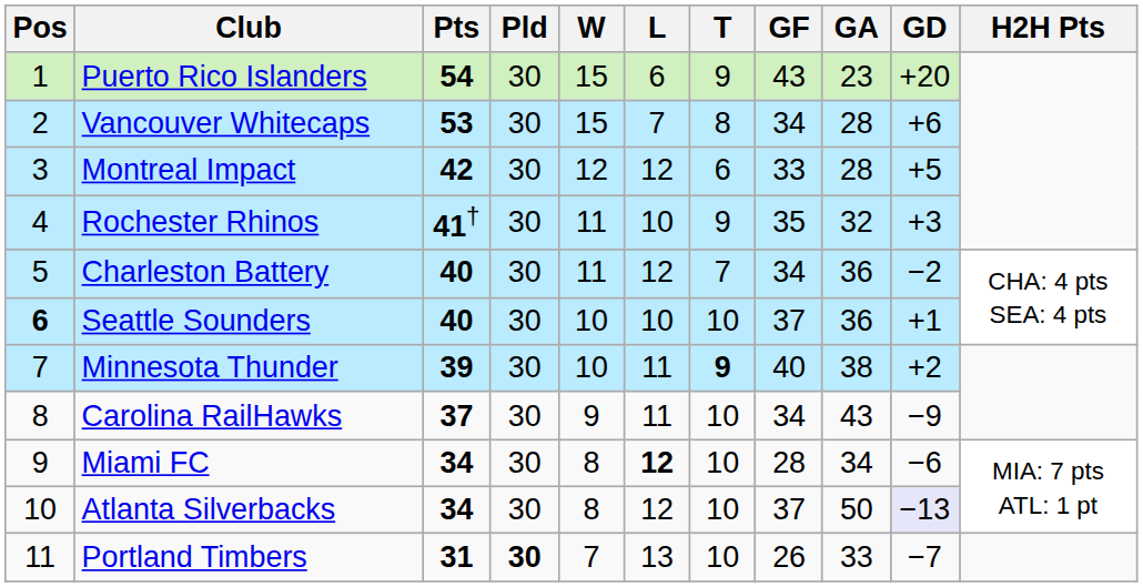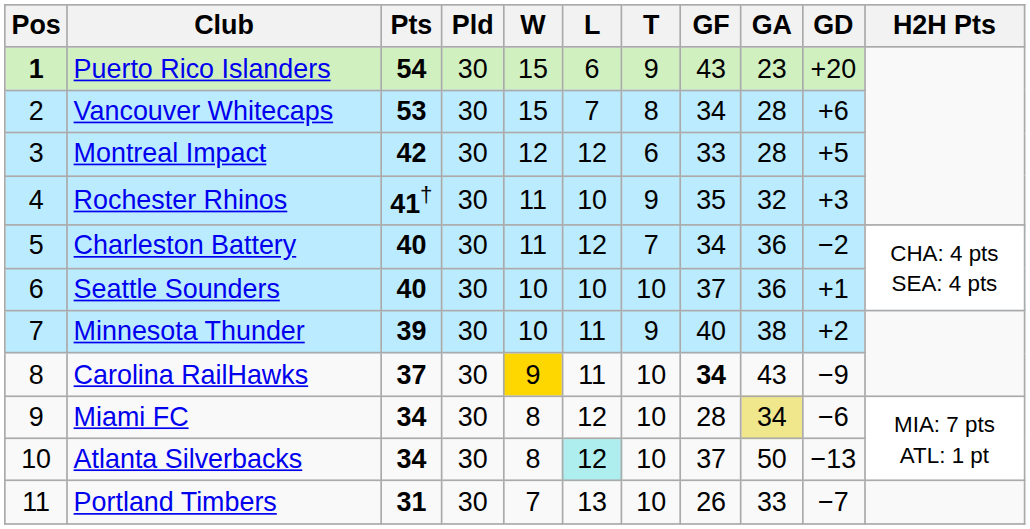 <table class="wikitable" style="text-align:center">
 <tr>
 <th width=30>Pos</th>
 <th width=200>Club</th>
 <th width=30>Pts</th>
 <th width=30>Pld</th>
 <th width=30>W</th>
 <th width=30>L</th>
 <th width=30>T</th>
 <th width=30>GF</th>
 <th width=30>GA</th>
 <th width=30>GD</th>
 <th width=100>H2H Pts</th>
 </tr>
 <tr bgcolor=#D0F0C0>
-<td>1</td>
+<td><strong>1</strong></td>
 <td align=left><a href='#'>Puerto Rico Islanders</a></td>
 <td><strong>54</strong></td>
 <td>30</td>
 <td>15</td>
 <td>6</td>
 <td>9</td>
 <td>43</td>
 <td>23</td>
 <td>+20</td>
 </tr>
 <tr bgcolor=#BBEBFF>
 <td>2</td>
 <td align=left><a href='#'>Vancouver Whitecaps</a></td>
 <td><strong>53</strong></td>
 <td>30</td>
 <td>15</td>
 <td>7</td>
 <td>8</td>
 <td>34</td>
 <td>28</td>
 <td>+6</td>
 </tr>
 <tr bgcolor=#BBEBFF>
 <td>3</td>
 <td align=left><a href='#'>Montreal Impact</a></td>
 <td><strong>42</strong></td>
 <td>30</td>
 <td>12</td>
 <td>12</td>
 <td>6</td>
 <td>33</td>
 <td>28</td>
 <td>+5</td>
 </tr>
 <tr bgcolor=#BBEBFF>
 <td>4</td>
 <td align=left><a href='#'>Rochester Rhinos</a></td>
 <td><strong>41</strong><sup>†</sup></td>
 <td>30</td>
 <td>11</td>
 <td>10</td>
 <td>9</td>
 <td>35</td>
 <td>32</td>
 <td>+3</td>
 </tr>
 <tr bgcolor=#BBEBFF>
 <td>5</td>
 <td align=left><a href='#'>Charleston Battery</a></td>
 <td><strong>40</strong></td>
 <td>30</td>
 <td>11</td>
 <td>12</td>
 <td>7</td>
 <td>34</td>
 <td>36</td>
 <td>−2</td>
 <td rowspan="2" bgcolor="FFFFFF"><small>CHA: 4 pts<br>SEA: 4 pts</small></td>
 </tr>
 <tr bgcolor=#BBEBFF>
-<td><strong>6</strong></td>
+<td>6</td>
 <td align=left><a href='#'>Seattle Sounders</a></td>
 <td><strong>40</strong></td>
 <td>30</td>
 <td>10</td>
 <td>10</td>
 <td>10</td>
 <td>37</td>
 <td>36</td>
 <td>+1</td>
 </tr>
 <tr bgcolor=#BBEBFF>
 <td>7</td>
 <td align=left><a href='#'>Minnesota Thunder</a></td>
 <td><strong>39</strong></td>
 <td>30</td>
 <td>10</td>
 <td>11</td>
-<td><strong>9</strong></td>
+<td>9</td>
 <td>40</td>
 <td>38</td>
 <td>+2</td>
 </tr>
 <tr>
 <td>8</td>
 <td align=left><a href='#'>Carolina RailHawks</a></td>
 <td><strong>37</strong></td>
 <td>30</td>
-<td>9</td>
+<td style="background: gold;">9</td>
 <td>11</td>
 <td>10</td>
-<td>34</td>
+<td><strong>34</strong></td>
 <td>43</td>
 <td>−9</td>
 </tr>
 <tr>
 <td>9</td>
 <td align=left><a href='#'>Miami FC</a></td>
 <td><strong>34</strong></td>
 <td>30</td>
 <td>8</td>
-<td><strong>12</strong></td>
+<td>12</td>
 <td>10</td>
 <td>28</td>
-<td>34</td>
+<td style="background: khaki;">34</td>
 <td>−6</td>
 <td rowspan="2" bgcolor="FFFFFF"><small>MIA: 7 pts<br>ATL: 1 pt</small></td>
 </tr>
 <tr>
 <td>10</td>
 <td align=left><a href='#'>Atlanta Silverbacks</a></td>
 <td><strong>34</strong></td>
 <td>30</td>
 <td>8</td>
-<td>12</td>
+<td style="background: paleturquoise;">12</td>
 <td>10</td>
 <td>37</td>
 <td>50</td>
-<td style="background: lavender;">−13</td>
+<td>−13</td>
 </tr>
 <tr bgcolor=>
 <td>11</td>
 <td align=left><a href='#'>Portland Timbers</a></td>
 <td><strong>31</strong></td>
-<td><strong>30</strong></td>
+<td>30</td>
 <td>7</td>
 <td>13</td>
 <td>10</td>
 <td>26</td>
 <td>33</td>
 <td>−7</td>
 </tr>
 </table>
